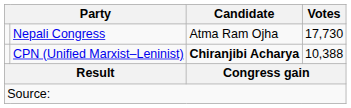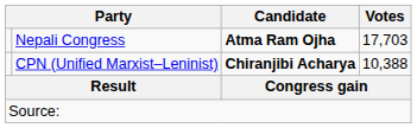 <table class="wikitable">
 <tr>
 <th colspan="2">Party</th>
 <th>Candidate</th>
 <th>Votes</th>
 </tr>
 <tr>
 <td style="background-color:"></td>
 <td><a href='#'>Nepali Congress</a></td>
-<td>Atma Ram Ojha</td>
-<td>17,730</td>
+<td><strong>Atma Ram Ojha</strong></td>
+<td>17,703</td>
 </tr>
 <tr>
 <td style="background-color:"></td>
 <td><a href='#'>CPN (Unified Marxist–Leninist)</a></td>
 <td><strong>Chiranjibi Acharya</strong></td>
 <td>10,388</td>
 </tr>
 <tr>
 <th colspan="2">Result</th>
 <th colspan="2">Congress gain</th>
 </tr>
 <tr>
 <td colspan="4">Source: </td>
 </tr>
 </table>
